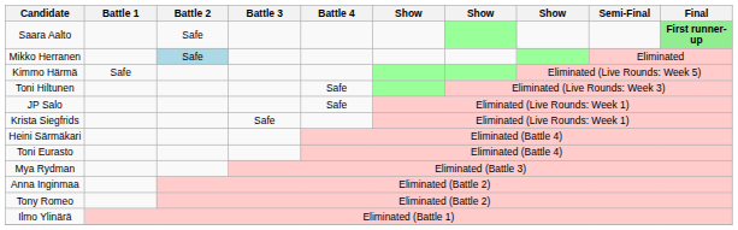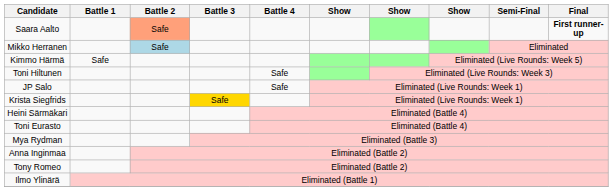 <table class="wikitable" style="text-align:center; font-size:85%">
 <tr>
 <th width="100px">Candidate</th>
 <th width="90px">Battle 1</th>
 <th width="90px">Battle 2</th>
 <th width="90px">Battle 3</th>
 <th width="90px">Battle 4</th>
 <th width="90px">Show</th>
 <th width="90px">Show</th>
 <th width="90px">Show</th>
 <th width="90px">Semi-Final</th>
 <th width="90px">Final</th>
 </tr>
 <tr>
 <td>Saara Aalto</td>
 <td></td>
-<td>Safe</td>
+<td style="background: lightsalmon;">Safe</td>
 <td></td>
 <td></td>
 <td></td>
 <td style="background:#99ff99"> </td>
 <td></td>
 <td></td>
-<td style="background: lightgreen;"><strong>First runner-up</strong></td>
+<td><strong>First runner-up</strong></td>
 </tr>
 <tr>
 <td>Mikko Herranen</td>
 <td></td>
 <td style="background: lightblue;">Safe</td>
 <td></td>
 <td></td>
 <td></td>
 <td></td>
 <td style="background:#99ff99"> </td>
 <td style="background:#ffcbcb" colspan=2>Eliminated</td>
 </tr>
 <tr>
 <td>Kimmo Härmä</td>
 <td>Safe</td>
 <td></td>
 <td></td>
 <td></td>
 <td style="background:#99ff99"> </td>
 <td style="background:#99ff99"> </td>
 <td style="background:#ffcbcb" colspan=3>Eliminated (Live Rounds: Week 5)</td>
 </tr>
 <tr>
 <td>Toni Hiltunen</td>
 <td></td>
 <td></td>
 <td></td>
 <td>Safe</td>
 <td style="background:#99ff99"> </td>
 <td style="background:#ffcbcb" colspan=4>Eliminated (Live Rounds: Week 3)</td>
 </tr>
 <tr>
 <td>JP Salo</td>
 <td></td>
 <td></td>
 <td></td>
 <td>Safe</td>
 <td style="background:#ffcbcb" colspan=5>Eliminated (Live Rounds: Week 1)</td>
 </tr>
 <tr>
 <td>Krista Siegfrids</td>
 <td></td>
 <td></td>
-<td>Safe</td>
+<td style="background: gold;">Safe</td>
 <td></td>
 <td style="background:#ffcbcb" colspan=5>Eliminated (Live Rounds: Week 1)</td>
 </tr>
 <tr>
 <td>Heini Särmäkari</td>
 <td></td>
 <td></td>
 <td></td>
 <td style="background:#ffcbcb" colspan=7>Eliminated (Battle 4)</td>
 </tr>
 <tr>
 <td>Toni Eurasto</td>
 <td></td>
 <td></td>
 <td></td>
 <td style="background:#ffcbcb" colspan=7>Eliminated (Battle 4)</td>
 </tr>
 <tr>
 <td>Mya Rydman</td>
 <td></td>
 <td></td>
 <td style="background:#ffcbcb" colspan=8>Eliminated (Battle 3)</td>
 </tr>
 <tr>
 <td>Anna Inginmaa</td>
 <td></td>
 <td style="background:#ffcbcb" colspan=9>Eliminated (Battle 2)</td>
 </tr>
 <tr>
 <td>Tony Romeo</td>
 <td></td>
 <td style="background:#ffcbcb" colspan=9>Eliminated (Battle 2)</td>
 </tr>
 <tr>
 <td>Ilmo Ylinärä</td>
 <td style="background:#ffcbcb" colspan=10>Eliminated (Battle 1)</td>
 </tr>
 <tr>
 </tr>
 </table>
